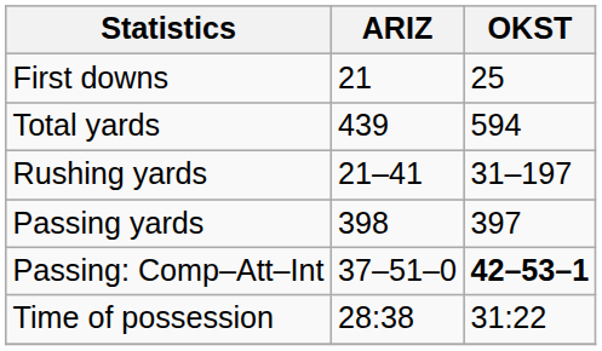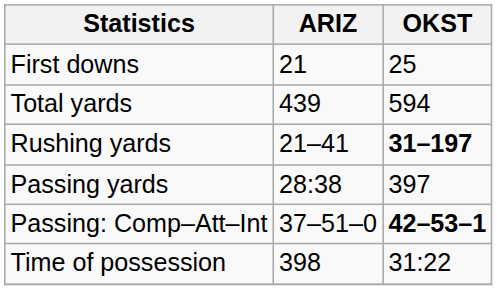 <table class="wikitable" style="float: left;">
 <tr>
 <th>Statistics</th>
 <th>ARIZ</th>
 <th>OKST</th>
 </tr>
 <tr>
 <td>First downs</td>
 <td>21</td>
 <td>25</td>
 </tr>
 <tr>
 <td>Total yards</td>
 <td>439</td>
 <td>594</td>
 </tr>
 <tr>
 <td>Rushing yards</td>
 <td>21–41</td>
-<td>31–197</td>
+<td><strong>31–197</strong></td>
 </tr>
 <tr>
 <td>Passing yards</td>
-<td>398</td>
+<td>28:38</td>
 <td>397</td>
 </tr>
 <tr>
 <td>Passing: Comp–Att–Int</td>
 <td>37–51–0</td>
 <td><strong>42–53–1</strong></td>
 </tr>
 <tr>
 <td>Time of possession</td>
-<td>28:38</td>
+<td>398</td>
 <td>31:22</td>
 </tr>
 <tr>
 </tr>
 </table>
